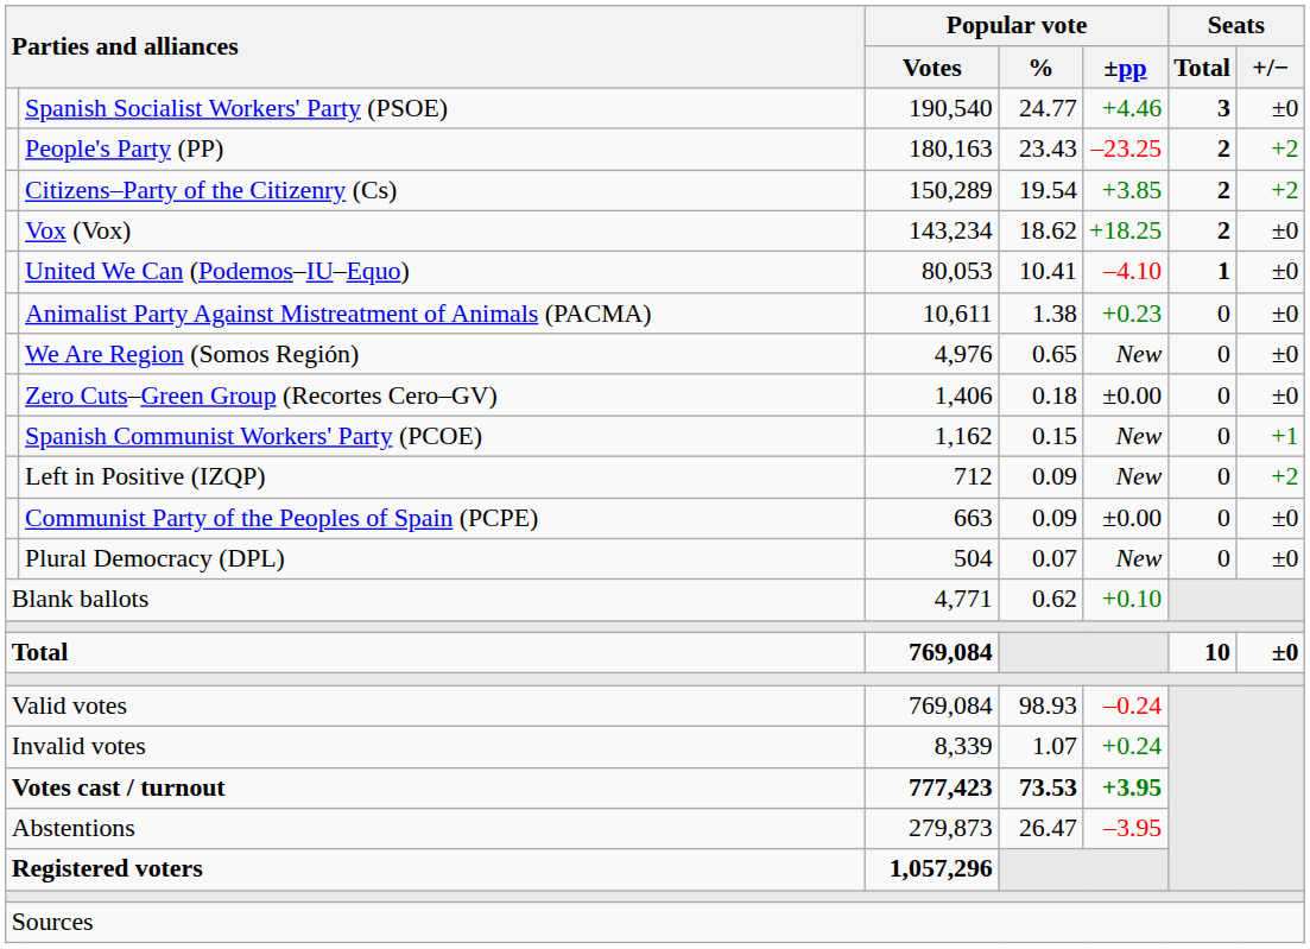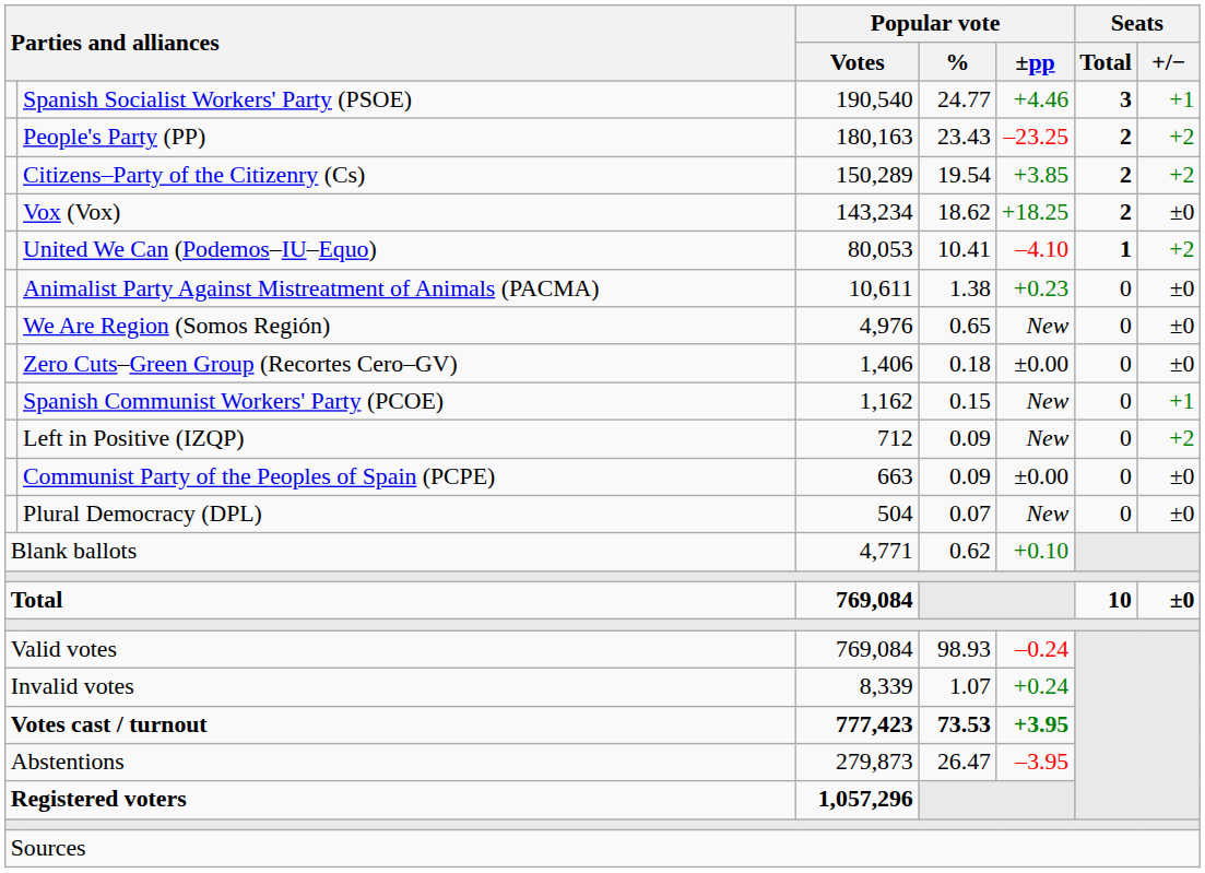 <table class="wikitable" style="text-align:right;">
 <tr>
 <th style="text-align:left;" rowspan="2" colspan="2" width="525">Parties and alliances</th>
 <th colspan="3">Popular vote</th>
 <th colspan="2">Seats</th>
 </tr>
 <tr>
 <th width="75">Votes</th>
 <th width="45">%</th>
 <th width="45">±<a href='#'>pp</a></th>
 <th width="35">Total</th>
 <th width="35">+/−</th>
 </tr>
 <tr>
 <td width="1" style="color:inherit;background:"></td>
 <td align="left"><a href='#'>Spanish Socialist Workers' Party</a> (PSOE)</td>
 <td>190,540</td>
 <td>24.77</td>
 <td style="color:green;">+4.46</td>
 <td><strong>3</strong></td>
-<td>±0</td>
+<td style="color:green;">+1</td>
 </tr>
 <tr>
 <td style="color:inherit;background:"></td>
 <td align="left"><a href='#'>People's Party</a> (PP)</td>
 <td>180,163</td>
 <td>23.43</td>
 <td style="color:red;">–23.25</td>
 <td><strong>2</strong></td>
 <td style="color:green;">+2</td>
 </tr>
 <tr>
 <td style="color:inherit;background:"></td>
 <td align="left"><a href='#'>Citizens–Party of the Citizenry</a> (Cs)</td>
 <td>150,289</td>
 <td>19.54</td>
 <td style="color:green;">+3.85</td>
 <td><strong>2</strong></td>
 <td style="color:green;">+2</td>
 </tr>
 <tr>
 <td style="color:inherit;background:"></td>
 <td align="left"><a href='#'>Vox</a> (Vox)</td>
 <td>143,234</td>
 <td>18.62</td>
 <td style="color:green;">+18.25</td>
 <td><strong>2</strong></td>
 <td>±0</td>
 </tr>
 <tr>
 <td style="color:inherit;background:"></td>
 <td align="left"><a href='#'>United We Can</a> (<a href='#'>Podemos</a>–<a href='#'>IU</a>–<a href='#'>Equo</a>)</td>
 <td>80,053</td>
 <td>10.41</td>
 <td style="color:red;">–4.10</td>
 <td><strong>1</strong></td>
-<td>±0</td>
+<td style="color:green;">+2</td>
 </tr>
 <tr>
 <td style="color:inherit;background:"></td>
 <td align="left"><a href='#'>Animalist Party Against Mistreatment of Animals</a> (PACMA)</td>
 <td>10,611</td>
 <td>1.38</td>
 <td style="color:green;">+0.23</td>
 <td>0</td>
 <td>±0</td>
 </tr>
 <tr>
 <td style="color:inherit;background:"></td>
 <td align="left"><a href='#'>We Are Region</a> (Somos Región)</td>
 <td>4,976</td>
 <td>0.65</td>
 <td><em>New</em></td>
 <td>0</td>
 <td>±0</td>
 </tr>
 <tr>
 <td style="color:inherit;background:"></td>
 <td align="left"><a href='#'>Zero Cuts</a>–<a href='#'>Green Group</a> (Recortes Cero–GV)</td>
 <td>1,406</td>
 <td>0.18</td>
 <td>±0.00</td>
 <td>0</td>
 <td>±0</td>
 </tr>
 <tr>
 <td style="color:inherit;background:"></td>
 <td align="left"><a href='#'>Spanish Communist Workers' Party</a> (PCOE)</td>
 <td>1,162</td>
 <td>0.15</td>
 <td><em>New</em></td>
 <td>0</td>
 <td style="color:green;">+1</td>
 </tr>
 <tr>
 <td style="color:inherit;background:"></td>
 <td align="left">Left in Positive (IZQP)</td>
 <td>712</td>
 <td>0.09</td>
 <td><em>New</em></td>
 <td>0</td>
 <td style="color:green;">+2</td>
 </tr>
 <tr>
 <td style="color:inherit;background:"></td>
 <td align="left"><a href='#'>Communist Party of the Peoples of Spain</a> (PCPE)</td>
 <td>663</td>
 <td>0.09</td>
 <td>±0.00</td>
 <td>0</td>
 <td>±0</td>
 </tr>
 <tr>
 <td style="color:inherit;background:"></td>
 <td align="left">Plural Democracy (DPL)</td>
 <td>504</td>
 <td>0.07</td>
 <td><em>New</em></td>
 <td>0</td>
 <td>±0</td>
 </tr>
 <tr>
 <td align="left" colspan="2">Blank ballots</td>
 <td>4,771</td>
 <td>0.62</td>
 <td style="color:green;">+0.10</td>
 <td bgcolor="#E9E9E9" colspan="2"></td>
 </tr>
 <tr>
 <td colspan="7" bgcolor="#E9E9E9"></td>
 </tr>
 <tr style="font-weight:bold;">
 <td align="left" colspan="2">Total</td>
 <td>769,084</td>
 <td bgcolor="#E9E9E9" colspan="2"></td>
 <td>10</td>
 <td>±0</td>
 </tr>
 <tr>
 <td colspan="7" bgcolor="#E9E9E9"></td>
 </tr>
 <tr>
 <td align="left" colspan="2">Valid votes</td>
 <td>769,084</td>
 <td>98.93</td>
 <td style="color:red;">–0.24</td>
 <td bgcolor="#E9E9E9" colspan="2" rowspan="5"></td>
 </tr>
 <tr>
 <td align="left" colspan="2">Invalid votes</td>
 <td>8,339</td>
 <td>1.07</td>
 <td style="color:green;">+0.24</td>
 </tr>
 <tr style="font-weight:bold;">
 <td align="left" colspan="2">Votes cast / turnout</td>
 <td>777,423</td>
 <td>73.53</td>
 <td style="color:green;">+3.95</td>
 </tr>
 <tr>
 <td align="left" colspan="2">Abstentions</td>
 <td>279,873</td>
 <td>26.47</td>
 <td style="color:red;">–3.95</td>
 </tr>
 <tr style="font-weight:bold;">
 <td align="left" colspan="2">Registered voters</td>
 <td>1,057,296</td>
 <td bgcolor="#E9E9E9" colspan="2"></td>
 </tr>
 <tr>
 <td colspan="7" bgcolor="#E9E9E9"></td>
 </tr>
 <tr>
 <td align="left" colspan="7">Sources</td>
 </tr>
 </table>
